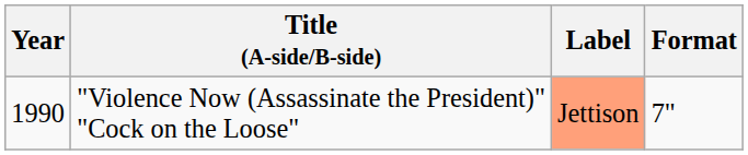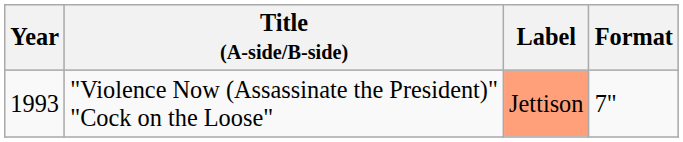 <table class="wikitable">
 <tr>
 <th>Year</th>
 <th>Title <br><small>(A-side/B-side)</small></th>
 <th>Label</th>
 <th>Format</th>
 </tr>
 <tr>
-<td>1990</td>
+<td>1993</td>
 <td>"Violence Now (Assassinate the President)"<br>"Cock on the Loose"</td>
 <td style="background: lightsalmon;">Jettison</td>
 <td>7"</td>
 </tr>
 </table>
